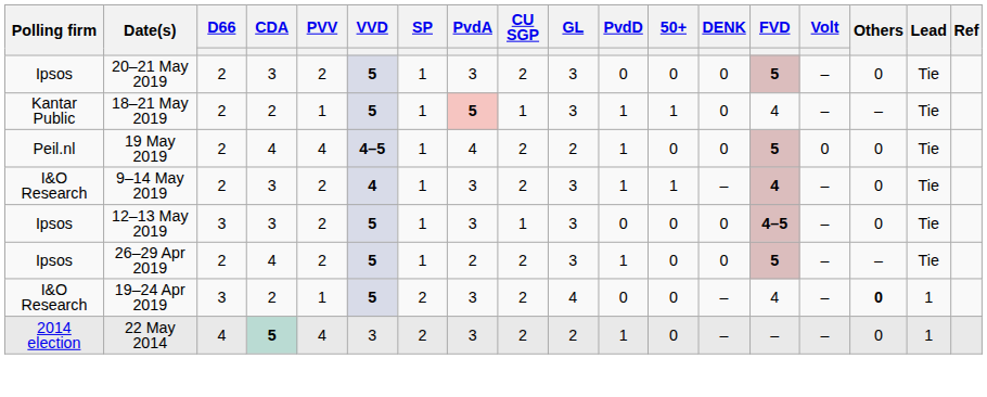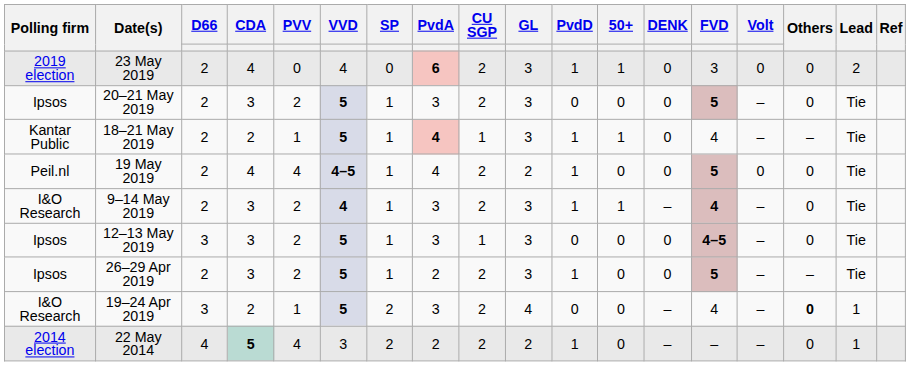 <table class="wikitable sortable" style="text-align:center;font-size:90%;line-height:14px;">
 <tr style="height:40px;">
 <th style="width:85px;" rowspan="2">Polling firm</th>
 <th style="width:80px;" rowspan="2">Date(s)</th>
 <th class="unsortable" style="width:40px;"><a href='#'>D66</a></th>
 <th class="unsortable" style="width:40px;"><a href='#'>CDA</a></th>
 <th class="unsortable" style="width:40px;"><a href='#'>PVV</a></th>
 <th class="unsortable" style="width:40px;"><a href='#'>VVD</a></th>
 <th class="unsortable" style="width:40px;"><a href='#'>SP</a></th>
 <th class="unsortable" style="width:40px;"><a href='#'>PvdA</a></th>
 <th class="unsortable" style="width:40px;"><a href='#'>CU</a><br><a href='#'>SGP</a></th>
 <th class="unsortable" style="width:40px;"><a href='#'>GL</a></th>
 <th class="unsortable" style="width:40px;"><a href='#'>PvdD</a></th>
 <th class="unsortable" style="width:40px;"><a href='#'>50+</a></th>
 <th class="unsortable" style="width:40px;"><a href='#'>DENK</a></th>
 <th class="unsortable" style="width:40px;"><a href='#'>FVD</a></th>
 <th class="unsortable" style="width:40px;"><a href='#'>Volt</a></th>
 <th class="unsortable" style="width:40px;" rowspan="2">Others</th>
 <th style="width:30px;" rowspan="2">Lead</th>
 <th rowspan="2" class="unsortable">Ref</th>
 </tr>
 <tr>
 <th style="background:"></th>
 <th style="background:"></th>
 <th style="background:"></th>
 <th style="background:"></th>
 <th style="background:"></th>
 <th style="background:"></th>
 <th style="background:"></th>
 <th style="background:"></th>
 <th style="background:"></th>
 <th style="background:"></th>
 <th style="background:"></th>
 <th style="background:"></th>
 <th style="background:"></th>
 </tr>
+<tr style="background:#E9E9E9">
+<td><a href='#'>2019 election</a></td>
+<td>23 May 2019</td>
+<td>2</td>
+<td>4</td>
+<td>0</td>
+<td>4</td>
+<td>0</td>
+<td style="background:#F6C5C1;"><strong>6</strong></td>
+<td>2</td>
+<td>3</td>
+<td>1</td>
+<td>1</td>
+<td>0</td>
+<td>3</td>
+<td>0</td>
+<td>0</td>
+<td style="background:">2</td>
+<td></td>
+</tr>
 <tr>
 <td>Ipsos</td>
 <td data-sort-value="2019-05-21">20–21 May 2019</td>
 <td>2</td>
 <td>3</td>
 <td>2</td>
 <td style="background:#D8DBE8;"><strong>5</strong></td>
 <td>1</td>
 <td>3</td>
 <td>2</td>
 <td>3</td>
 <td>0</td>
 <td>0</td>
 <td>0</td>
 <td style="background:#DBBDBD;"><strong>5</strong></td>
 <td>–</td>
 <td>0</td>
 <td data-sort-value="0">Tie</td>
 <td></td>
 </tr>
 <tr>
 <td>Kantar Public</td>
 <td data-sort-value="2019-05-21">18–21 May 2019</td>
 <td>2</td>
 <td>2</td>
 <td>1</td>
 <td style="background:#D8DBE8;"><strong>5</strong></td>
 <td>1</td>
-<td style="background:#F6C5C1;"><strong>5</strong></td>
+<td style="background:#F6C5C1;"><strong>4</strong></td>
 <td>1</td>
 <td>3</td>
 <td>1</td>
 <td>1</td>
 <td>0</td>
 <td>4</td>
 <td>–</td>
 <td>–</td>
 <td data-sort-value="0">Tie</td>
 <td></td>
 </tr>
 <tr>
 <td>Peil.nl</td>
 <td data-sort-value="2019-05-19">19 May 2019</td>
 <td>2</td>
 <td>4</td>
 <td>4</td>
 <td style="background:#D8DBE8;" data-sort-value="4.5"><strong>4–5</strong></td>
 <td>1</td>
 <td>4</td>
 <td>2</td>
 <td>2</td>
 <td>1</td>
 <td>0</td>
 <td>0</td>
 <td style="background:#DBBDBD;"><strong>5</strong></td>
 <td>0</td>
 <td>0</td>
 <td data-sort-value="0">Tie</td>
 <td></td>
 </tr>
 <tr>
 <td>I&O Research</td>
 <td data-sort-value="2019-05-14">9–14 May 2019</td>
 <td>2</td>
 <td>3</td>
 <td>2</td>
 <td style="background:#D8DBE8;"><strong>4</strong></td>
 <td>1</td>
 <td>3</td>
 <td>2</td>
 <td>3</td>
 <td>1</td>
 <td>1</td>
 <td>–</td>
 <td style="background:#DBBDBD;"><strong>4</strong></td>
 <td>–</td>
 <td>0</td>
 <td data-sort-value="0">Tie</td>
 <td></td>
 </tr>
 <tr>
 <td>Ipsos</td>
 <td data-sort-value="2019-05-13">12–13 May 2019</td>
 <td>3</td>
 <td>3</td>
 <td>2</td>
 <td style="background:#D8DBE8;"><strong>5</strong></td>
 <td>1</td>
 <td>3</td>
 <td>1</td>
 <td>3</td>
 <td>0</td>
 <td>0</td>
 <td>0</td>
 <td style="background:#DBBDBD;" data-sort-value="4.5"><strong>4–5</strong></td>
 <td>–</td>
 <td>0</td>
 <td data-sort-value="0">Tie</td>
 <td></td>
 </tr>
 <tr>
 <td>Ipsos</td>
 <td data-sort-value="2019-04-29">26–29 Apr 2019</td>
 <td>2</td>
-<td>4</td>
+<td>3</td>
 <td>2</td>
 <td style="background:#D8DBE8;"><strong>5</strong></td>
 <td>1</td>
 <td>2</td>
 <td>2</td>
 <td>3</td>
 <td>1</td>
 <td>0</td>
 <td>0</td>
 <td style="background:#DBBDBD;"><strong>5</strong></td>
 <td>–</td>
 <td>–</td>
 <td data-sort-value="0">Tie</td>
 <td></td>
 </tr>
 <tr>
 <td>I&O Research</td>
 <td data-sort-value="2019-04-24">19–24 Apr 2019</td>
 <td>3</td>
 <td>2</td>
 <td>1</td>
 <td style="background:#D8DBE8;"><strong>5</strong></td>
 <td>2</td>
 <td>3</td>
 <td>2</td>
 <td>4</td>
 <td>0</td>
 <td>0</td>
 <td>–</td>
 <td>4</td>
 <td>–</td>
 <td><strong>0</strong></td>
 <td style="background:">1</td>
 <td></td>
 </tr>
 <tr style="background:#E9E9E9">
 <td><a href='#'>2014 election</a></td>
 <td>22 May 2014</td>
 <td>4</td>
 <td style="background:#BADBD3;"><strong>5</strong></td>
 <td>4</td>
 <td>3</td>
 <td>2</td>
-<td>3</td>
+<td>2</td>
 <td>2</td>
 <td>2</td>
 <td>1</td>
 <td>0</td>
 <td>–</td>
 <td>–</td>
 <td>–</td>
 <td>0</td>
 <td style="background:">1</td>
 <td></td>
 </tr>
 </table>
